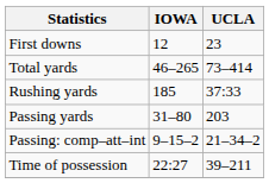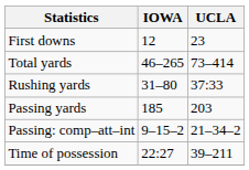 <table class="wikitable" style="float: left;">
 <tr>
 <th>Statistics</th>
 <th>IOWA</th>
 <th>UCLA</th>
 </tr>
 <tr>
 <td>First downs</td>
 <td>12</td>
 <td>23</td>
 </tr>
 <tr>
 <td>Total yards</td>
 <td>46–265</td>
 <td>73–414</td>
 </tr>
 <tr>
 <td>Rushing yards</td>
-<td>185</td>
+<td>31–80</td>
 <td>37:33</td>
 </tr>
 <tr>
 <td>Passing yards</td>
-<td>31–80</td>
+<td>185</td>
 <td>203</td>
 </tr>
 <tr>
 <td>Passing: comp–att–int</td>
 <td>9–15–2</td>
 <td>21–34–2</td>
 </tr>
 <tr>
 <td>Time of possession</td>
 <td>22:27</td>
 <td>39–211</td>
 </tr>
 <tr>
 </tr>
 </table>
